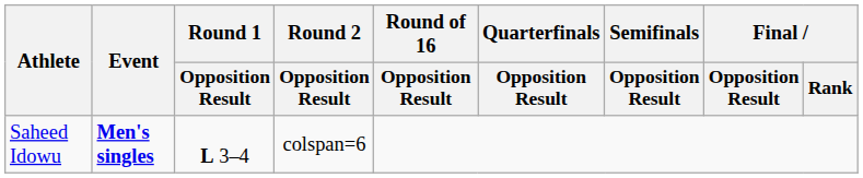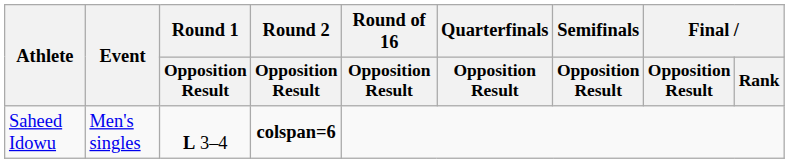 <table class=wikitable style=font-size:90%;text-align:center>
 <tr>
 <th rowspan=2>Athlete</th>
 <th rowspan=2>Event</th>
 <th>Round 1</th>
 <th>Round 2</th>
 <th>Round of 16</th>
 <th>Quarterfinals</th>
 <th>Semifinals</th>
 <th colspan=2>Final / </th>
 </tr>
 <tr style=font-size:95%>
 <th>Opposition<br>Result</th>
 <th>Opposition<br>Result</th>
 <th>Opposition<br>Result</th>
 <th>Opposition<br>Result</th>
 <th>Opposition<br>Result</th>
 <th>Opposition<br>Result</th>
 <th>Rank</th>
 </tr>
 <tr>
 <td align=left><a href='#'>Saheed Idowu</a></td>
-<td align=left><strong><a href='#'>Men's singles</a></strong></td>
+<td align=left><a href='#'>Men's singles</a></td>
 <td><br> <strong>L</strong> 3–4</td>
-<td>colspan=6 </td>
+<td><strong>colspan=6 </strong></td>
 </tr>
 </table>
